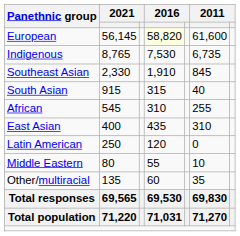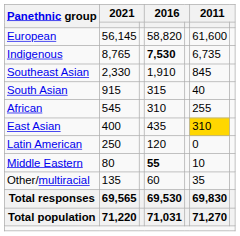 <table class="wikitable collapsible sortable">
 <tr>
 <th rowspan="2"><a href='#'>Panethnic</a> group</th>
 <th colspan="2">2021</th>
 <th colspan="2">2016</th>
 <th colspan="2">2011</th>
 </tr>
 <tr>
 <th><a href='#'></a></th>
 <th></th>
 <th></th>
 <th></th>
 <th></th>
 <th></th>
 </tr>
 <tr>
 <td><a href='#'>European</a></td>
 <td>56,145</td>
 <td></td>
-<td style="background: lightyellow;">58,820</td>
+<td>58,820</td>
 <td></td>
 <td>61,600</td>
 <td></td>
 </tr>
 <tr>
 <td><a href='#'>Indigenous</a></td>
 <td>8,765</td>
 <td></td>
-<td>7,530</td>
+<td><strong>7,530</strong></td>
 <td></td>
 <td>6,735</td>
 <td></td>
 </tr>
 <tr>
 <td><a href='#'>Southeast Asian</a></td>
 <td>2,330</td>
 <td></td>
 <td>1,910</td>
 <td></td>
 <td>845</td>
 <td></td>
 </tr>
 <tr>
 <td><a href='#'>South Asian</a></td>
 <td>915</td>
 <td></td>
 <td>315</td>
 <td></td>
 <td>40</td>
 <td></td>
 </tr>
 <tr>
 <td><a href='#'>African</a></td>
 <td>545</td>
 <td></td>
 <td>310</td>
 <td></td>
 <td>255</td>
 <td></td>
 </tr>
 <tr>
 <td><a href='#'>East Asian</a></td>
 <td>400</td>
 <td></td>
 <td>435</td>
 <td></td>
-<td>310</td>
+<td style="background: gold;">310</td>
 <td></td>
 </tr>
 <tr>
 <td><a href='#'>Latin American</a></td>
 <td>250</td>
 <td></td>
 <td>120</td>
 <td></td>
 <td>0</td>
 <td></td>
 </tr>
 <tr>
 <td><a href='#'>Middle Eastern</a></td>
 <td>80</td>
 <td></td>
-<td>55</td>
+<td><strong>55</strong></td>
 <td></td>
 <td>10</td>
 <td></td>
 </tr>
 <tr>
 <td>Other/<a href='#'>multiracial</a></td>
 <td>135</td>
 <td></td>
 <td>60</td>
 <td></td>
 <td>35</td>
 <td></td>
 </tr>
 <tr>
 <th>Total responses</th>
 <th>69,565</th>
 <th></th>
 <th>69,530</th>
 <th></th>
 <th>69,830</th>
 <th></th>
 </tr>
 <tr class="sortbottom">
 <th>Total population</th>
 <th>71,220</th>
 <th></th>
 <th>71,031</th>
 <th></th>
 <th>71,270</th>
 <th></th>
 </tr>
 <tr class="sortbottom">
 <td colspan="15"></td>
 </tr>
 </table>
